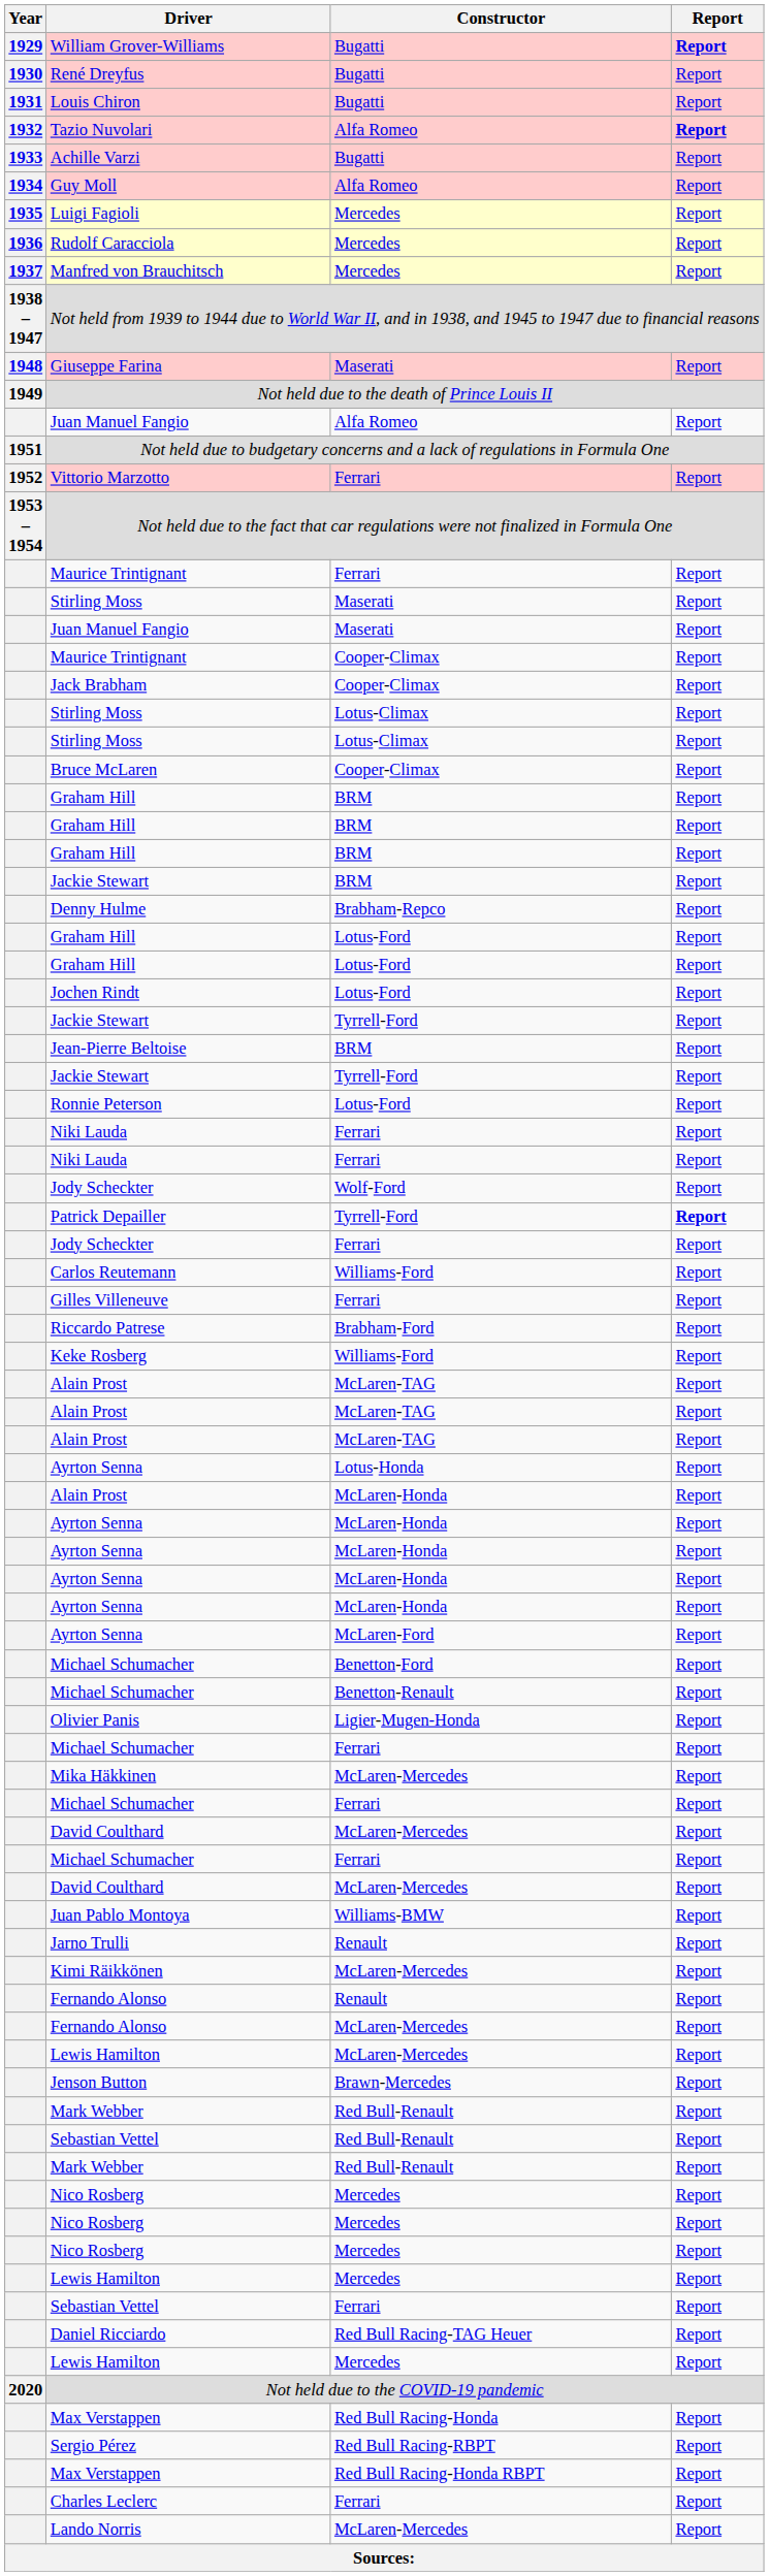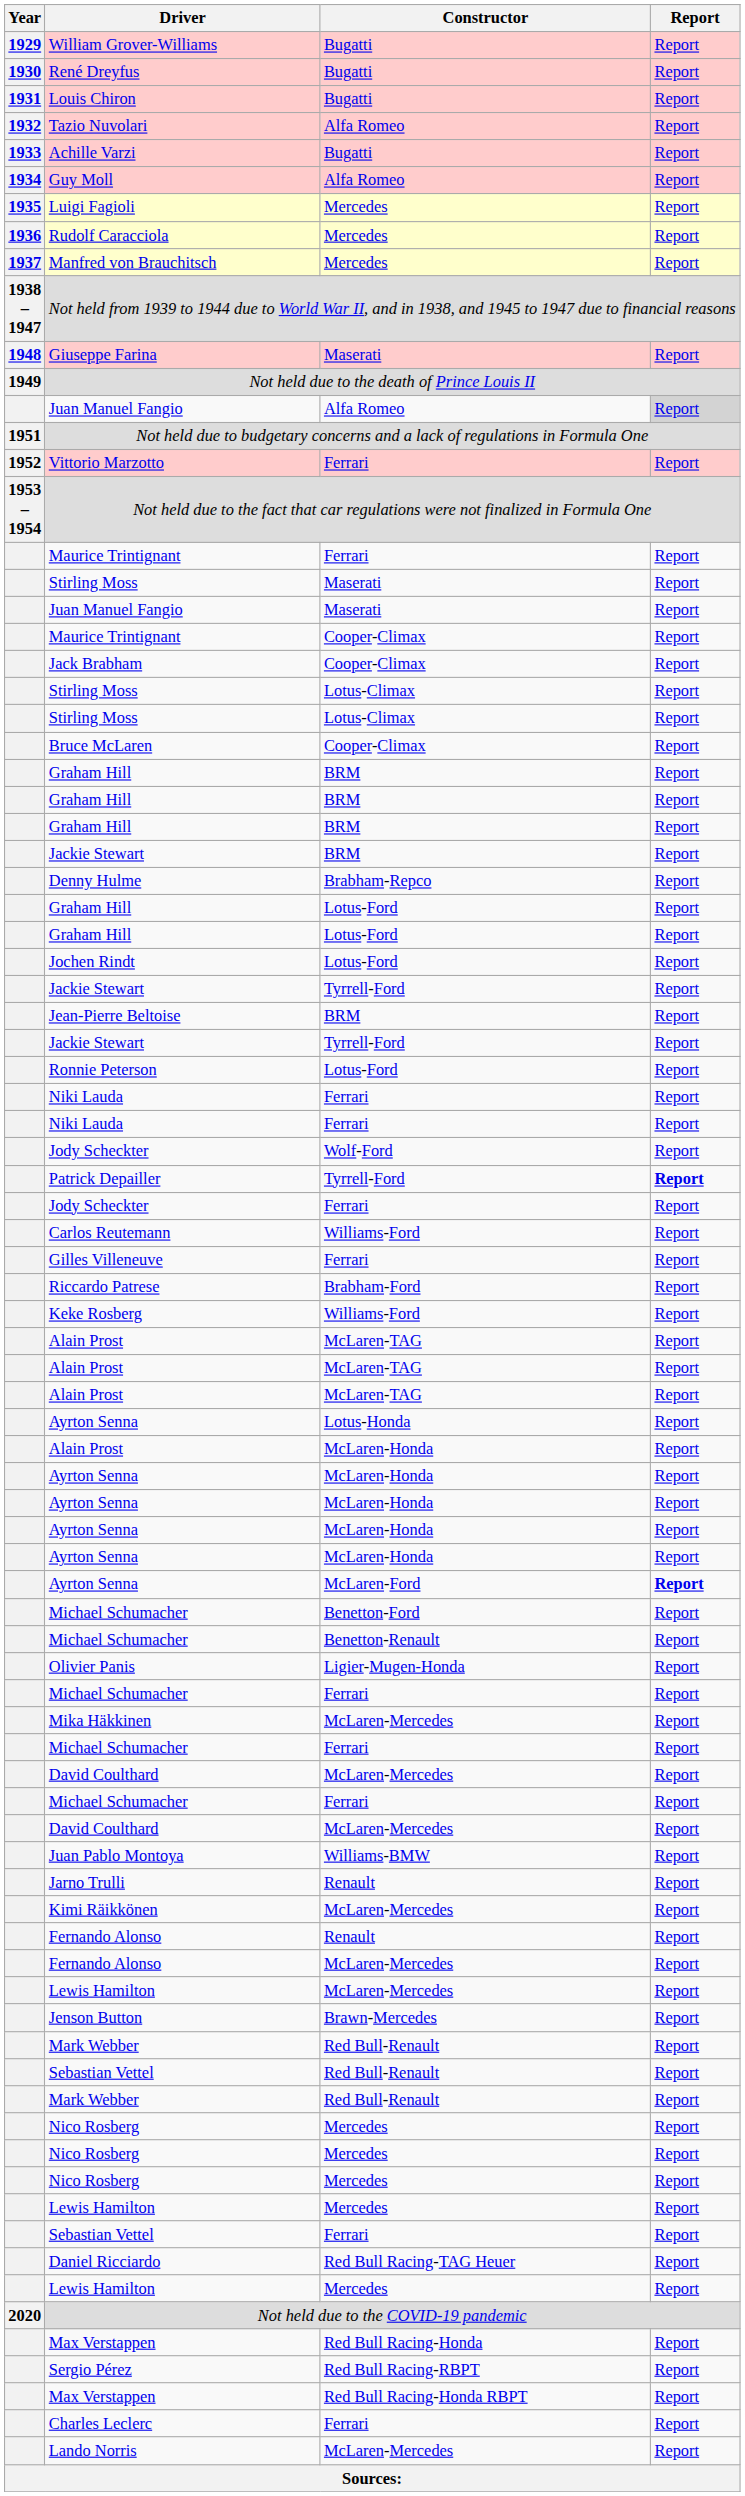 <table class="wikitable sortable" style="font-size: 95%;">
 <tr>
 <th>Year</th>
 <th>Driver</th>
 <th class="unsortable">Constructor</th>
 <th class="unsortable">Report</th>
 </tr>
 <tr style="background:#fcc;">
 <th><a href='#'>1929</a></th>
 <td> <a href='#'>William Grover-Williams</a></td>
 <td><a href='#'>Bugatti</a></td>
-<td><strong><a href='#'>Report</a></strong></td>
+<td><a href='#'>Report</a></td>
 </tr>
 <tr style="background:#fcc;">
 <th><a href='#'>1930</a></th>
 <td> <a href='#'>René Dreyfus</a></td>
 <td><a href='#'>Bugatti</a></td>
 <td><a href='#'>Report</a></td>
 </tr>
 <tr style="background:#fcc;">
 <th><a href='#'>1931</a></th>
 <td> <a href='#'>Louis Chiron</a></td>
 <td><a href='#'>Bugatti</a></td>
 <td><a href='#'>Report</a></td>
 </tr>
 <tr style="background:#fcc;">
 <th><a href='#'>1932</a></th>
 <td> <a href='#'>Tazio Nuvolari</a></td>
 <td><a href='#'>Alfa Romeo</a></td>
-<td><strong><a href='#'>Report</a></strong></td>
+<td><a href='#'>Report</a></td>
 </tr>
 <tr style="background:#fcc;">
 <th><a href='#'>1933</a></th>
 <td> <a href='#'>Achille Varzi</a></td>
 <td><a href='#'>Bugatti</a></td>
 <td><a href='#'>Report</a></td>
 </tr>
 <tr style="background:#fcc;">
 <th><a href='#'>1934</a></th>
 <td> <a href='#'>Guy Moll</a></td>
 <td><a href='#'>Alfa Romeo</a></td>
 <td><a href='#'>Report</a></td>
 </tr>
 <tr style="background:#ffc;">
 <th><a href='#'>1935</a></th>
 <td> <a href='#'>Luigi Fagioli</a></td>
 <td><a href='#'>Mercedes</a></td>
 <td><a href='#'>Report</a></td>
 </tr>
 <tr style="background:#ffc;">
 <th><a href='#'>1936</a></th>
 <td> <a href='#'>Rudolf Caracciola</a></td>
 <td><a href='#'>Mercedes</a></td>
 <td><a href='#'>Report</a></td>
 </tr>
 <tr style="background:#ffc;">
 <th><a href='#'>1937</a></th>
 <td> <a href='#'>Manfred von Brauchitsch</a></td>
 <td><a href='#'>Mercedes</a></td>
 <td><a href='#'>Report</a></td>
 </tr>
 <tr style="background:#ddd;">
 <th>1938<br>–<br>1947</th>
 <td colspan="3" align="center"><em>Not held from 1939 to 1944 due to <a href='#'>World War II</a>, and in 1938, and 1945 to 1947 due to financial reasons</em></td>
 </tr>
 <tr style="background:#fcc;">
 <th><a href='#'>1948</a></th>
 <td> <a href='#'>Giuseppe Farina</a></td>
 <td><a href='#'>Maserati</a></td>
 <td><a href='#'>Report</a></td>
 </tr>
 <tr style="background:#ddd;">
 <th>1949</th>
 <td colspan="3" align="center"><em>Not held due to the death of <a href='#'>Prince Louis II</a></em></td>
 </tr>
 <tr>
 <th></th>
 <td> <a href='#'>Juan Manuel Fangio</a></td>
 <td><a href='#'>Alfa Romeo</a></td>
-<td><a href='#'>Report</a></td>
+<td style="background: lightgrey;"><a href='#'>Report</a></td>
 </tr>
 <tr style="background:#ddd;">
 <th>1951</th>
 <td colspan="3" align="center"><em>Not held due to budgetary concerns and a lack of regulations in Formula One</em></td>
 </tr>
 <tr style="background:#fcc;">
 <th>1952</th>
 <td> <a href='#'>Vittorio Marzotto</a></td>
 <td><a href='#'>Ferrari</a></td>
 <td><a href='#'>Report</a></td>
 </tr>
 <tr style="background:#ddd;">
 <th>1953<br>–<br>1954</th>
 <td colspan="3" align="center"><em>Not held due to the fact that car regulations were not finalized in Formula One</em></td>
 </tr>
 <tr>
 <th></th>
 <td> <a href='#'>Maurice Trintignant</a></td>
 <td><a href='#'>Ferrari</a></td>
 <td><a href='#'>Report</a></td>
 </tr>
 <tr>
 <th></th>
 <td> <a href='#'>Stirling Moss</a></td>
 <td><a href='#'>Maserati</a></td>
 <td><a href='#'>Report</a></td>
 </tr>
 <tr>
 <th></th>
 <td> <a href='#'>Juan Manuel Fangio</a></td>
 <td><a href='#'>Maserati</a></td>
 <td><a href='#'>Report</a></td>
 </tr>
 <tr>
 <th></th>
 <td> <a href='#'>Maurice Trintignant</a></td>
 <td><a href='#'>Cooper</a>-<a href='#'>Climax</a></td>
 <td><a href='#'>Report</a></td>
 </tr>
 <tr>
 <th></th>
 <td> <a href='#'>Jack Brabham</a></td>
 <td><a href='#'>Cooper</a>-<a href='#'>Climax</a></td>
 <td><a href='#'>Report</a></td>
 </tr>
 <tr>
 <th></th>
 <td> <a href='#'>Stirling Moss</a></td>
 <td><a href='#'>Lotus</a>-<a href='#'>Climax</a></td>
 <td><a href='#'>Report</a></td>
 </tr>
 <tr>
 <th></th>
 <td> <a href='#'>Stirling Moss</a></td>
 <td><a href='#'>Lotus</a>-<a href='#'>Climax</a></td>
 <td><a href='#'>Report</a></td>
 </tr>
 <tr>
 <th></th>
 <td> <a href='#'>Bruce McLaren</a></td>
 <td><a href='#'>Cooper</a>-<a href='#'>Climax</a></td>
 <td><a href='#'>Report</a></td>
 </tr>
 <tr>
 <th></th>
 <td> <a href='#'>Graham Hill</a></td>
 <td><a href='#'>BRM</a></td>
 <td><a href='#'>Report</a></td>
 </tr>
 <tr>
 <th></th>
 <td> <a href='#'>Graham Hill</a></td>
 <td><a href='#'>BRM</a></td>
 <td><a href='#'>Report</a></td>
 </tr>
 <tr>
 <th></th>
 <td> <a href='#'>Graham Hill</a></td>
 <td><a href='#'>BRM</a></td>
 <td><a href='#'>Report</a></td>
 </tr>
 <tr>
 <th></th>
 <td> <a href='#'>Jackie Stewart</a></td>
 <td><a href='#'>BRM</a></td>
 <td><a href='#'>Report</a></td>
 </tr>
 <tr>
 <th></th>
 <td> <a href='#'>Denny Hulme</a></td>
 <td><a href='#'>Brabham</a>-<a href='#'>Repco</a></td>
 <td><a href='#'>Report</a></td>
 </tr>
 <tr>
 <th></th>
 <td> <a href='#'>Graham Hill</a></td>
 <td><a href='#'>Lotus</a>-<a href='#'>Ford</a></td>
 <td><a href='#'>Report</a></td>
 </tr>
 <tr>
 <th></th>
 <td> <a href='#'>Graham Hill</a></td>
 <td><a href='#'>Lotus</a>-<a href='#'>Ford</a></td>
 <td><a href='#'>Report</a></td>
 </tr>
 <tr>
 <th></th>
 <td> <a href='#'>Jochen Rindt</a></td>
 <td><a href='#'>Lotus</a>-<a href='#'>Ford</a></td>
 <td><a href='#'>Report</a></td>
 </tr>
 <tr>
 <th></th>
 <td> <a href='#'>Jackie Stewart</a></td>
 <td><a href='#'>Tyrrell</a>-<a href='#'>Ford</a></td>
 <td><a href='#'>Report</a></td>
 </tr>
 <tr>
 <th></th>
 <td> <a href='#'>Jean-Pierre Beltoise</a></td>
 <td><a href='#'>BRM</a></td>
 <td><a href='#'>Report</a></td>
 </tr>
 <tr>
 <th></th>
 <td> <a href='#'>Jackie Stewart</a></td>
 <td><a href='#'>Tyrrell</a>-<a href='#'>Ford</a></td>
 <td><a href='#'>Report</a></td>
 </tr>
 <tr>
 <th></th>
 <td> <a href='#'>Ronnie Peterson</a></td>
 <td><a href='#'>Lotus</a>-<a href='#'>Ford</a></td>
 <td><a href='#'>Report</a></td>
 </tr>
 <tr>
 <th></th>
 <td> <a href='#'>Niki Lauda</a></td>
 <td><a href='#'>Ferrari</a></td>
 <td><a href='#'>Report</a></td>
 </tr>
 <tr>
 <th></th>
 <td> <a href='#'>Niki Lauda</a></td>
 <td><a href='#'>Ferrari</a></td>
 <td><a href='#'>Report</a></td>
 </tr>
 <tr>
 <th></th>
 <td> <a href='#'>Jody Scheckter</a></td>
 <td><a href='#'>Wolf</a>-<a href='#'>Ford</a></td>
 <td><a href='#'>Report</a></td>
 </tr>
 <tr>
 <th></th>
 <td><strong></strong> <a href='#'>Patrick Depailler</a></td>
 <td><a href='#'>Tyrrell</a>-<a href='#'>Ford</a></td>
 <td><strong><a href='#'>Report</a></strong></td>
 </tr>
 <tr>
 <th></th>
 <td> <a href='#'>Jody Scheckter</a></td>
 <td><a href='#'>Ferrari</a></td>
 <td><a href='#'>Report</a></td>
 </tr>
 <tr>
 <th></th>
 <td> <a href='#'>Carlos Reutemann</a></td>
 <td><a href='#'>Williams</a>-<a href='#'>Ford</a></td>
 <td><a href='#'>Report</a></td>
 </tr>
 <tr>
 <th></th>
 <td> <a href='#'>Gilles Villeneuve</a></td>
 <td><a href='#'>Ferrari</a></td>
 <td><a href='#'>Report</a></td>
 </tr>
 <tr>
 <th></th>
 <td> <a href='#'>Riccardo Patrese</a></td>
 <td><a href='#'>Brabham</a>-<a href='#'>Ford</a></td>
 <td><a href='#'>Report</a></td>
 </tr>
 <tr>
 <th></th>
 <td> <a href='#'>Keke Rosberg</a></td>
 <td><a href='#'>Williams</a>-<a href='#'>Ford</a></td>
 <td><a href='#'>Report</a></td>
 </tr>
 <tr>
 <th></th>
 <td><strong></strong> <a href='#'>Alain Prost</a></td>
 <td><a href='#'>McLaren</a>-<a href='#'>TAG</a></td>
 <td><a href='#'>Report</a></td>
 </tr>
 <tr>
 <th></th>
 <td><strong></strong> <a href='#'>Alain Prost</a></td>
 <td><a href='#'>McLaren</a>-<a href='#'>TAG</a></td>
 <td><a href='#'>Report</a></td>
 </tr>
 <tr>
 <th></th>
 <td><strong></strong> <a href='#'>Alain Prost</a></td>
 <td><a href='#'>McLaren</a>-<a href='#'>TAG</a></td>
 <td><a href='#'>Report</a></td>
 </tr>
 <tr>
 <th></th>
 <td> <a href='#'>Ayrton Senna</a></td>
 <td><a href='#'>Lotus</a>-<a href='#'>Honda</a></td>
 <td><a href='#'>Report</a></td>
 </tr>
 <tr>
 <th></th>
 <td><strong></strong> <a href='#'>Alain Prost</a></td>
 <td><a href='#'>McLaren</a>-<a href='#'>Honda</a></td>
 <td><a href='#'>Report</a></td>
 </tr>
 <tr>
 <th></th>
 <td> <a href='#'>Ayrton Senna</a></td>
 <td><a href='#'>McLaren</a>-<a href='#'>Honda</a></td>
 <td><a href='#'>Report</a></td>
 </tr>
 <tr>
 <th></th>
 <td> <a href='#'>Ayrton Senna</a></td>
 <td><a href='#'>McLaren</a>-<a href='#'>Honda</a></td>
 <td><a href='#'>Report</a></td>
 </tr>
 <tr>
 <th></th>
 <td> <a href='#'>Ayrton Senna</a></td>
 <td><a href='#'>McLaren</a>-<a href='#'>Honda</a></td>
 <td><a href='#'>Report</a></td>
 </tr>
 <tr>
 <th></th>
 <td> <a href='#'>Ayrton Senna</a></td>
 <td><a href='#'>McLaren</a>-<a href='#'>Honda</a></td>
 <td><a href='#'>Report</a></td>
 </tr>
 <tr>
 <th></th>
 <td> <a href='#'>Ayrton Senna</a></td>
 <td><a href='#'>McLaren</a>-<a href='#'>Ford</a></td>
-<td><a href='#'>Report</a></td>
+<td><strong><a href='#'>Report</a></strong></td>
 </tr>
 <tr>
 <th></th>
 <td> <a href='#'>Michael Schumacher</a></td>
 <td><a href='#'>Benetton</a>-<a href='#'>Ford</a></td>
 <td><a href='#'>Report</a></td>
 </tr>
 <tr>
 <th></th>
 <td> <a href='#'>Michael Schumacher</a></td>
 <td><a href='#'>Benetton</a>-<a href='#'>Renault</a></td>
 <td><a href='#'>Report</a></td>
 </tr>
 <tr>
 <th></th>
 <td><strong></strong> <a href='#'>Olivier Panis</a></td>
 <td><a href='#'>Ligier</a>-<a href='#'>Mugen-Honda</a></td>
 <td><a href='#'>Report</a></td>
 </tr>
 <tr>
 <th></th>
 <td> <a href='#'>Michael Schumacher</a></td>
 <td><a href='#'>Ferrari</a></td>
 <td><a href='#'>Report</a></td>
 </tr>
 <tr>
 <th></th>
 <td> <a href='#'>Mika Häkkinen</a></td>
 <td><a href='#'>McLaren</a>-<a href='#'>Mercedes</a></td>
 <td><a href='#'>Report</a></td>
 </tr>
 <tr>
 <th></th>
 <td> <a href='#'>Michael Schumacher</a></td>
 <td><a href='#'>Ferrari</a></td>
 <td><a href='#'>Report</a></td>
 </tr>
 <tr>
 <th></th>
 <td> <a href='#'>David Coulthard</a></td>
 <td><a href='#'>McLaren</a>-<a href='#'>Mercedes</a></td>
 <td><a href='#'>Report</a></td>
 </tr>
 <tr>
 <th></th>
 <td> <a href='#'>Michael Schumacher</a></td>
 <td><a href='#'>Ferrari</a></td>
 <td><a href='#'>Report</a></td>
 </tr>
 <tr>
 <th></th>
 <td> <a href='#'>David Coulthard</a></td>
 <td><a href='#'>McLaren</a>-<a href='#'>Mercedes</a></td>
 <td><a href='#'>Report</a></td>
 </tr>
 <tr>
 <th></th>
 <td> <a href='#'>Juan Pablo Montoya</a></td>
 <td><a href='#'>Williams</a>-<a href='#'>BMW</a></td>
 <td><a href='#'>Report</a></td>
 </tr>
 <tr>
 <th></th>
 <td> <a href='#'>Jarno Trulli</a></td>
 <td><a href='#'>Renault</a></td>
 <td><a href='#'>Report</a></td>
 </tr>
 <tr>
 <th></th>
 <td> <a href='#'>Kimi Räikkönen</a></td>
 <td><a href='#'>McLaren</a>-<a href='#'>Mercedes</a></td>
 <td><a href='#'>Report</a></td>
 </tr>
 <tr>
 <th></th>
 <td> <a href='#'>Fernando Alonso</a></td>
 <td><a href='#'>Renault</a></td>
 <td><a href='#'>Report</a></td>
 </tr>
 <tr>
 <th></th>
 <td> <a href='#'>Fernando Alonso</a></td>
 <td><a href='#'>McLaren</a>-<a href='#'>Mercedes</a></td>
 <td><a href='#'>Report</a></td>
 </tr>
 <tr>
 <th></th>
 <td> <a href='#'>Lewis Hamilton</a></td>
 <td><a href='#'>McLaren</a>-<a href='#'>Mercedes</a></td>
 <td><a href='#'>Report</a></td>
 </tr>
 <tr>
 <th></th>
 <td> <a href='#'>Jenson Button</a></td>
 <td><a href='#'>Brawn</a>-<a href='#'>Mercedes</a></td>
 <td><a href='#'>Report</a></td>
 </tr>
 <tr>
 <th></th>
 <td> <a href='#'>Mark Webber</a></td>
 <td><a href='#'>Red Bull</a>-<a href='#'>Renault</a></td>
 <td><a href='#'>Report</a></td>
 </tr>
 <tr>
 <th></th>
 <td> <a href='#'>Sebastian Vettel</a></td>
 <td><a href='#'>Red Bull</a>-<a href='#'>Renault</a></td>
 <td><a href='#'>Report</a></td>
 </tr>
 <tr>
 <th></th>
 <td> <a href='#'>Mark Webber</a></td>
 <td><a href='#'>Red Bull</a>-<a href='#'>Renault</a></td>
 <td><a href='#'>Report</a></td>
 </tr>
 <tr>
 <th></th>
 <td> <a href='#'>Nico Rosberg</a></td>
 <td><a href='#'>Mercedes</a></td>
 <td><a href='#'>Report</a></td>
 </tr>
 <tr>
 <th></th>
 <td> <a href='#'>Nico Rosberg</a></td>
 <td><a href='#'>Mercedes</a></td>
 <td><a href='#'>Report</a></td>
 </tr>
 <tr>
 <th></th>
 <td> <a href='#'>Nico Rosberg</a></td>
 <td><a href='#'>Mercedes</a></td>
 <td><a href='#'>Report</a></td>
 </tr>
 <tr>
 <th></th>
 <td> <a href='#'>Lewis Hamilton</a></td>
 <td><a href='#'>Mercedes</a></td>
 <td><a href='#'>Report</a></td>
 </tr>
 <tr>
 <th></th>
 <td> <a href='#'>Sebastian Vettel</a></td>
 <td><a href='#'>Ferrari</a></td>
 <td><a href='#'>Report</a></td>
 </tr>
 <tr>
 <th></th>
 <td> <a href='#'>Daniel Ricciardo</a></td>
 <td><a href='#'>Red Bull Racing</a>-<a href='#'>TAG Heuer</a></td>
 <td><a href='#'>Report</a></td>
 </tr>
 <tr>
 <th></th>
 <td> <a href='#'>Lewis Hamilton</a></td>
 <td><a href='#'>Mercedes</a></td>
 <td><a href='#'>Report</a></td>
 </tr>
 <tr style="background:#ddd;">
 <th>2020</th>
 <td colspan="3" align="center"><em>Not held due to the <a href='#'>COVID-19 pandemic</a></em></td>
 </tr>
 <tr>
 <th></th>
 <td> <a href='#'>Max Verstappen</a></td>
 <td><a href='#'>Red Bull Racing</a>-<a href='#'>Honda</a></td>
 <td><a href='#'>Report</a></td>
 </tr>
 <tr>
 <th></th>
 <td> <a href='#'>Sergio Pérez</a></td>
 <td><a href='#'>Red Bull Racing</a>-<a href='#'>RBPT</a></td>
 <td><a href='#'>Report</a></td>
 </tr>
 <tr>
 <th></th>
 <td> <a href='#'>Max Verstappen</a></td>
 <td><a href='#'>Red Bull Racing</a>-<a href='#'>Honda RBPT</a></td>
 <td><a href='#'>Report</a></td>
 </tr>
 <tr>
 <th></th>
 <td> <a href='#'>Charles Leclerc</a></td>
 <td><a href='#'>Ferrari</a></td>
 <td><a href='#'>Report</a></td>
 </tr>
 <tr>
 <th></th>
 <td> <a href='#'>Lando Norris</a></td>
 <td><a href='#'>McLaren</a>-<a href='#'>Mercedes</a></td>
 <td><a href='#'>Report</a></td>
 </tr>
 <tr>
 <th colspan=4>Sources:</th>
 </tr>
 </table>
